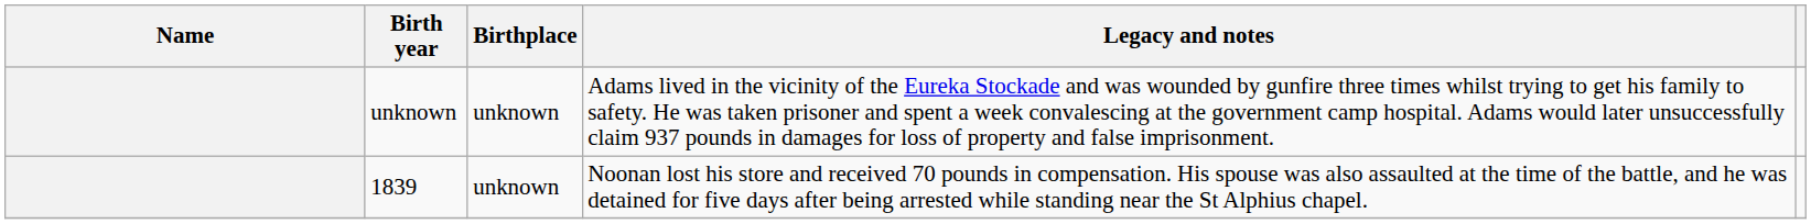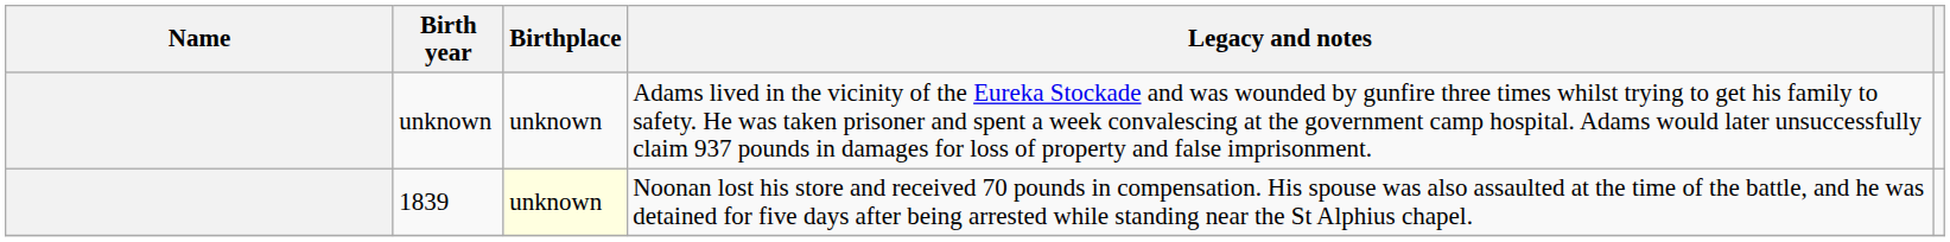 <table class="wikitable sortable plainrowheaders">
 <tr>
 <th scope="col" width=20%>Name</th>
 <th scope="col">Birth year</th>
 <th scope="col">Birthplace</th>
 <th scope="col" class="unsortable">Legacy and notes</th>
 <th scope="col" class="unsortable"></th>
 </tr>
 <tr>
 <th scope="row"></th>
 <td>unknown</td>
 <td>unknown</td>
 <td>Adams lived in the vicinity of the <a href='#'>Eureka Stockade</a> and was wounded by gunfire three times whilst trying to get his family to safety. He was taken prisoner and spent a week convalescing at the government camp hospital. Adams would later unsuccessfully claim 937 pounds in damages for loss of property and false imprisonment.</td>
 <td align="center"></td>
 </tr>
 <tr>
 <th scope="row"></th>
 <td>1839</td>
-<td>unknown</td>
+<td style="background: lightyellow;">unknown</td>
 <td>Noonan lost his store and received 70 pounds in compensation. His spouse was also assaulted at the time of the battle, and he was detained for five days after being arrested while standing near the St Alphius chapel.</td>
 <td align="center"></td>
 </tr>
 <tr>
 </tr>
 </table>
